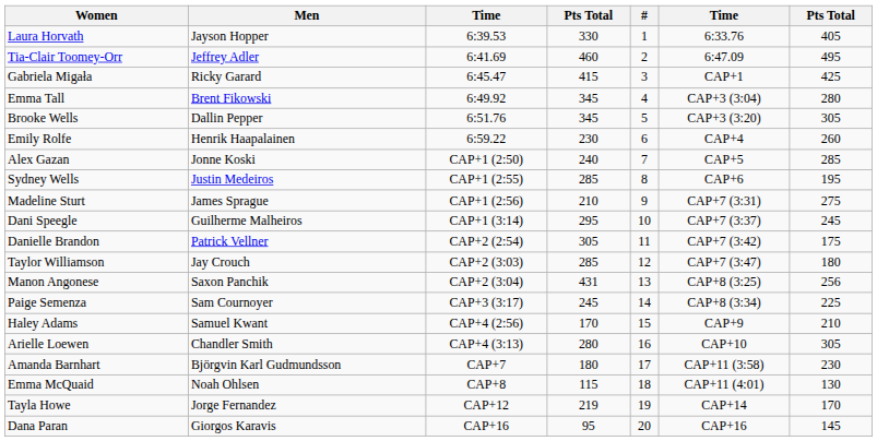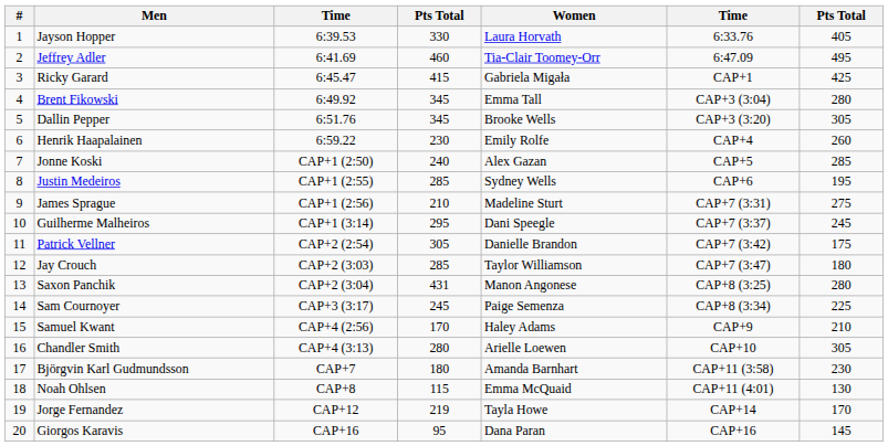 <table class="wikitable sortable" style="display: inline-table;width: 85%; text-align:center">
 <tr>
-<th>Women</th>
+<th>#</th>
 <th>Men</th>
 <th>Time</th>
 <th>Pts Total</th>
-<th>#</th>
+<th>Women</th>
 <th>Time</th>
 <th>Pts Total</th>
 </tr>
 <tr>
-<td align=left> <a href='#'>Laura Horvath</a></td>
+<td>1</td>
 <td align=left> Jayson Hopper</td>
 <td>6:39.53</td>
 <td>330</td>
-<td>1</td>
+<td align=left> <a href='#'>Laura Horvath</a></td>
 <td>6:33.76</td>
 <td>405</td>
 </tr>
 <tr>
-<td align=left> <a href='#'>Tia-Clair Toomey-Orr</a></td>
+<td>2</td>
 <td align=left> <a href='#'>Jeffrey Adler</a></td>
 <td>6:41.69</td>
 <td>460</td>
-<td>2</td>
+<td align=left> <a href='#'>Tia-Clair Toomey-Orr</a></td>
 <td>6:47.09</td>
 <td>495</td>
 </tr>
 <tr>
-<td align=left> Gabriela Migała</td>
+<td>3</td>
 <td align=left> Ricky Garard</td>
 <td>6:45.47</td>
 <td>415</td>
-<td>3</td>
+<td align=left> Gabriela Migała</td>
 <td>CAP+1</td>
 <td>425</td>
 </tr>
 <tr>
-<td align=left> Emma Tall</td>
+<td>4</td>
 <td align=left> <a href='#'>Brent Fikowski</a></td>
 <td>6:49.92</td>
 <td>345</td>
-<td>4</td>
+<td align=left> Emma Tall</td>
 <td>CAP+3 (3:04)</td>
 <td>280</td>
 </tr>
 <tr>
-<td align=left> Brooke Wells</td>
+<td>5</td>
 <td align=left> Dallin Pepper</td>
 <td>6:51.76</td>
 <td>345</td>
-<td>5</td>
+<td align=left> Brooke Wells</td>
 <td>CAP+3 (3:20)</td>
 <td>305</td>
 </tr>
 <tr>
-<td align=left> Emily Rolfe</td>
+<td>6</td>
 <td align=left> Henrik Haapalainen</td>
 <td>6:59.22</td>
 <td>230</td>
-<td>6</td>
+<td align=left> Emily Rolfe</td>
 <td>CAP+4</td>
 <td>260</td>
 </tr>
 <tr>
-<td align=left> Alex Gazan</td>
+<td>7</td>
 <td align=left> Jonne Koski</td>
 <td>CAP+1 (2:50)</td>
 <td>240</td>
-<td>7</td>
+<td align=left> Alex Gazan</td>
 <td>CAP+5</td>
 <td>285</td>
 </tr>
 <tr>
-<td align=left> Sydney Wells</td>
+<td>8</td>
 <td align=left> <a href='#'>Justin Medeiros</a></td>
 <td>CAP+1 (2:55)</td>
 <td>285</td>
-<td>8</td>
+<td align=left> Sydney Wells</td>
 <td>CAP+6</td>
 <td>195</td>
 </tr>
 <tr>
-<td align=left> Madeline Sturt</td>
+<td>9</td>
 <td align=left> James Sprague</td>
 <td>CAP+1 (2:56)</td>
 <td>210</td>
-<td>9</td>
+<td align=left> Madeline Sturt</td>
 <td>CAP+7 (3:31)</td>
 <td>275</td>
 </tr>
 <tr>
-<td align=left> Dani Speegle</td>
+<td>10</td>
 <td align=left> Guilherme Malheiros</td>
 <td>CAP+1 (3:14)</td>
 <td>295</td>
-<td>10</td>
+<td align=left> Dani Speegle</td>
 <td>CAP+7 (3:37)</td>
 <td>245</td>
 </tr>
 <tr>
-<td align=left> Danielle Brandon</td>
+<td>11</td>
 <td align=left> <a href='#'>Patrick Vellner</a></td>
 <td>CAP+2 (2:54)</td>
 <td>305</td>
-<td>11</td>
+<td align=left> Danielle Brandon</td>
 <td>CAP+7 (3:42)</td>
 <td>175</td>
 </tr>
 <tr>
-<td align=left> Taylor Williamson</td>
+<td>12</td>
 <td align=left> Jay Crouch</td>
 <td>CAP+2 (3:03)</td>
 <td>285</td>
-<td>12</td>
+<td align=left> Taylor Williamson</td>
 <td>CAP+7 (3:47)</td>
 <td>180</td>
 </tr>
 <tr>
-<td align=left> Manon Angonese</td>
+<td>13</td>
 <td align=left> Saxon Panchik</td>
 <td>CAP+2 (3:04)</td>
 <td>431</td>
-<td>13</td>
+<td align=left> Manon Angonese</td>
 <td>CAP+8 (3:25)</td>
-<td>256</td>
+<td>280</td>
 </tr>
 <tr>
-<td align=left> Paige Semenza</td>
+<td>14</td>
 <td align=left> Sam Cournoyer</td>
 <td>CAP+3 (3:17)</td>
 <td>245</td>
-<td>14</td>
+<td align=left> Paige Semenza</td>
 <td>CAP+8 (3:34)</td>
 <td>225</td>
 </tr>
 <tr>
-<td align=left> Haley Adams</td>
+<td>15</td>
 <td align=left> Samuel Kwant</td>
 <td>CAP+4 (2:56)</td>
 <td>170</td>
-<td>15</td>
+<td align=left> Haley Adams</td>
 <td>CAP+9</td>
 <td>210</td>
 </tr>
 <tr>
-<td align=left> Arielle Loewen</td>
+<td>16</td>
 <td align=left> Chandler Smith</td>
 <td>CAP+4 (3:13)</td>
 <td>280</td>
-<td>16</td>
+<td align=left> Arielle Loewen</td>
 <td>CAP+10</td>
 <td>305</td>
 </tr>
 <tr>
-<td align=left> Amanda Barnhart</td>
+<td>17</td>
 <td align=left> Björgvin Karl Gudmundsson</td>
 <td>CAP+7</td>
 <td>180</td>
-<td>17</td>
+<td align=left> Amanda Barnhart</td>
 <td>CAP+11 (3:58)</td>
 <td>230</td>
 </tr>
 <tr>
-<td align=left> Emma McQuaid</td>
+<td>18</td>
 <td align=left> Noah Ohlsen</td>
 <td>CAP+8</td>
 <td>115</td>
-<td>18</td>
+<td align=left> Emma McQuaid</td>
 <td>CAP+11 (4:01)</td>
 <td>130</td>
 </tr>
 <tr>
-<td align=left> Tayla Howe</td>
+<td>19</td>
 <td align=left> Jorge Fernandez</td>
 <td>CAP+12</td>
 <td>219</td>
-<td>19</td>
+<td align=left> Tayla Howe</td>
 <td>CAP+14</td>
 <td>170</td>
 </tr>
 <tr>
-<td align=left> Dana Paran</td>
+<td>20</td>
 <td align=left> Giorgos Karavis</td>
 <td>CAP+16</td>
 <td>95</td>
-<td>20</td>
+<td align=left> Dana Paran</td>
 <td>CAP+16</td>
 <td>145</td>
 </tr>
 </table>
